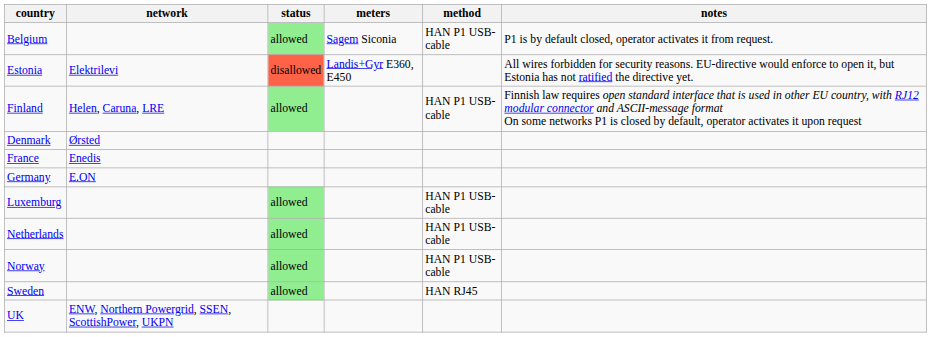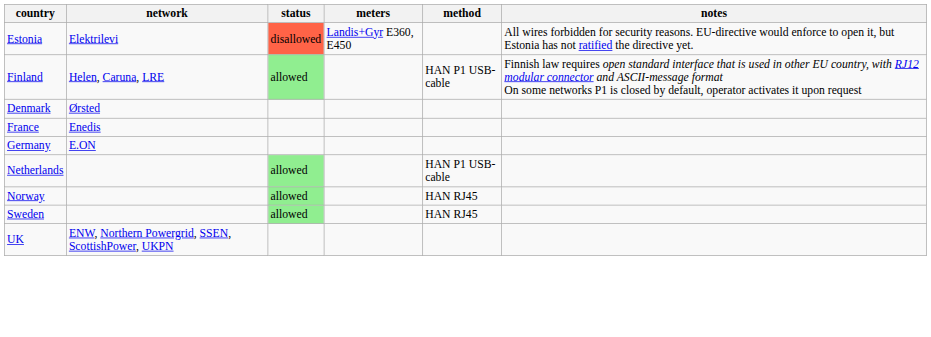 <table class="wikitable" style="margin:auto; align: left;">
 <tr>
 <th>country</th>
 <th>network</th>
 <th>status</th>
 <th>meters</th>
 <th>method</th>
 <th>notes</th>
-</tr>
-<tr>
-<td><a href='#'>Belgium</a></td>
-<td></td>
-<td bgcolor=lightgreen>allowed</td>
-<td><a href='#'>Sagem</a> Siconia</td>
-<td>HAN P1 USB-cable</td>
-<td>P1 is by default closed, operator activates it from request.</td>
 </tr>
 <tr>
 <td><a href='#'>Estonia</a></td>
 <td><a href='#'>Elektrilevi</a></td>
 <td bgcolor=tomato>disallowed</td>
 <td><a href='#'>Landis+Gyr</a> E360, E450</td>
 <td></td>
 <td>All wires forbidden for security reasons. EU-directive would enforce to open it, but Estonia has not <a href='#'>ratified</a> the directive yet.</td>
 </tr>
 <tr>
 <td><a href='#'>Finland</a></td>
 <td><a href='#'>Helen</a>, <a href='#'>Caruna</a>, <a href='#'>LRE</a></td>
 <td bgcolor=lightgreen>allowed</td>
 <td></td>
 <td>HAN P1 USB-cable</td>
 <td>Finnish law requires <em>open standard interface that is used in other EU country, with <a href='#'>RJ12 modular connector</a> and ASCII-message format</em><br>On some networks P1 is closed by default, operator activates it upon request</td>
 </tr>
 <tr>
 <td><a href='#'>Denmark</a></td>
 <td><a href='#'>Ørsted</a></td>
 <td></td>
 <td></td>
 <td></td>
 <td></td>
 </tr>
 <tr>
 <td><a href='#'>France</a></td>
 <td><a href='#'>Enedis</a></td>
 <td></td>
 <td></td>
 <td></td>
 <td></td>
 </tr>
 <tr>
 <td><a href='#'>Germany</a></td>
 <td><a href='#'>E.ON</a></td>
 <td></td>
 <td></td>
 <td></td>
 <td></td>
 </tr>
 <tr>
-<td><a href='#'>Luxemburg</a></td>
-<td></td>
-<td bgcolor=lightgreen>allowed</td>
-<td></td>
-<td>HAN P1 USB-cable</td>
-<td></td>
-</tr>
-<tr>
 <td><a href='#'>Netherlands</a></td>
 <td></td>
 <td bgcolor=lightgreen>allowed</td>
 <td></td>
 <td>HAN P1 USB-cable</td>
 <td></td>
 </tr>
 <tr>
 <td><a href='#'>Norway</a></td>
 <td></td>
 <td bgcolor=lightgreen>allowed</td>
 <td></td>
-<td>HAN P1 USB-cable</td>
+<td>HAN RJ45</td>
 <td></td>
 </tr>
 <tr>
 <td><a href='#'>Sweden</a></td>
 <td></td>
 <td bgcolor=lightgreen>allowed</td>
 <td></td>
 <td>HAN RJ45</td>
 <td></td>
 </tr>
 <tr>
 <td><a href='#'>UK</a></td>
 <td><a href='#'>ENW</a>, <a href='#'>Northern Powergrid</a>, <a href='#'>SSEN</a>, <a href='#'>ScottishPower</a>, <a href='#'>UKPN</a></td>
 <td></td>
 <td></td>
 <td></td>
 <td></td>
 </tr>
 </table>
